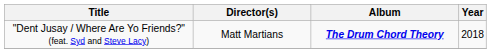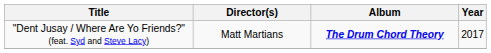 <table class="wikitable plainrowheaders" style="text-align:center;">
 <tr>
 <th scope="col" style="width: 18em;">Title</th>
 <th scope="col" style="width: 11em;">Director(s)</th>
 <th scope="col" style="width: 14em;">Album</th>
 <th scope="col" style="width: 2em;">Year</th>
 </tr>
 <tr>
 <td>"Dent Jusay / Where Are Yo Friends?" <small>(feat. <a href='#'>Syd</a> and <a href='#'>Steve Lacy</a>)</small></td>
 <td>Matt Martians</td>
 <td><strong><em><a href='#'>The Drum Chord Theory</a></em></strong></td>
-<td>2018</td>
+<td>2017</td>
 </tr>
 <tr>
 </tr>
 </table>
